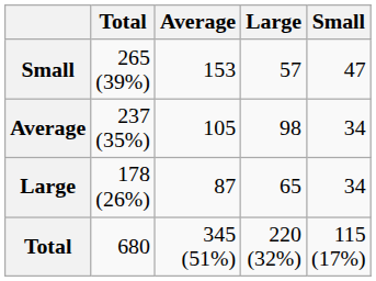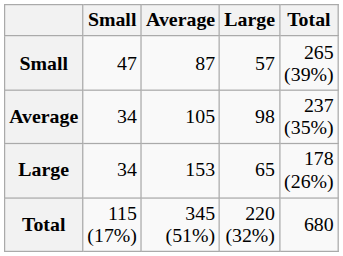 <table class="wikitable" style="text-align: right;">
 <tr>
 <th></th>
-<th>Total</th>
+<th>Small</th>
 <th>Average</th>
 <th>Large</th>
-<th>Small</th>
+<th>Total</th>
 </tr>
 <tr>
 <th>Small</th>
+<td>47</td>
+<td>87</td>
+<td>57</td>
 <td>265<br>(39%)</td>
-<td>153</td>
-<td>57</td>
-<td>47</td>
 </tr>
 <tr>
 <th>Average</th>
-<td>237<br>(35%)</td>
+<td>34</td>
 <td>105</td>
 <td>98</td>
-<td>34</td>
+<td>237<br>(35%)</td>
 </tr>
 <tr>
 <th>Large</th>
+<td>34</td>
+<td>153</td>
+<td>65</td>
 <td>178<br>(26%)</td>
-<td>87</td>
-<td>65</td>
-<td>34</td>
 </tr>
 <tr>
 <th>Total</th>
-<td>680</td>
+<td>115<br>(17%)</td>
 <td>345<br>(51%)</td>
 <td>220<br>(32%)</td>
-<td>115<br>(17%)</td>
+<td>680</td>
 </tr>
 </table>
